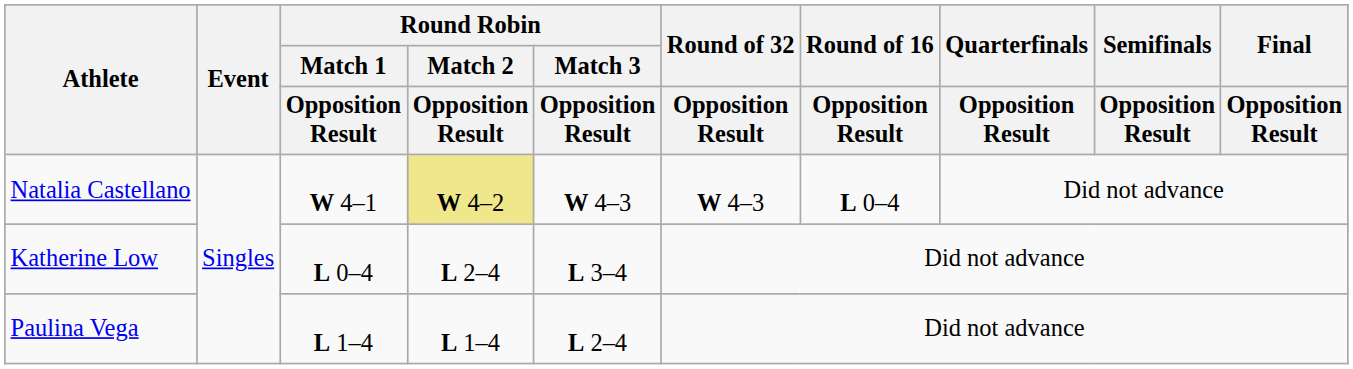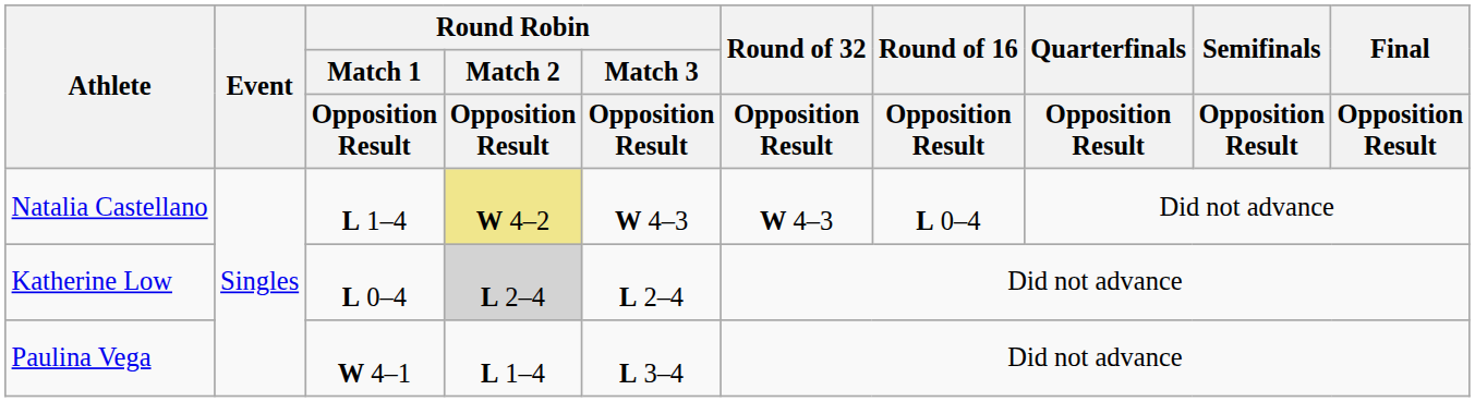 <table class="wikitable" border="1" style="font-size:90%">
 <tr>
 <th rowspan=3>Athlete</th>
 <th rowspan=3>Event</th>
 <th colspan=3>Round Robin</th>
 <th rowspan=2>Round of 32</th>
 <th rowspan=2>Round of 16</th>
 <th rowspan=2>Quarterfinals</th>
 <th rowspan=2>Semifinals</th>
 <th rowspan=2>Final</th>
 </tr>
 <tr>
 <th>Match 1</th>
 <th>Match 2</th>
 <th>Match 3</th>
 </tr>
 <tr>
 <th>Opposition<br>Result</th>
 <th>Opposition<br>Result</th>
 <th>Opposition<br>Result</th>
 <th>Opposition<br>Result</th>
 <th>Opposition<br>Result</th>
 <th>Opposition<br>Result</th>
 <th>Opposition<br>Result</th>
 <th>Opposition<br>Result</th>
 </tr>
 <tr>
 <td><a href='#'>Natalia Castellano</a></td>
 <td rowspan=3><a href='#'>Singles</a></td>
-<td align=center><br><strong>W</strong> 4–1</td>
+<td align=center><br><strong>L</strong> 1–4</td>
 <td align=center style="background: khaki;"><br><strong>W</strong> 4–2</td>
 <td align=center><br><strong>W</strong> 4–3</td>
 <td align=center><br><strong>W</strong> 4–3</td>
 <td align=center><br><strong>L</strong> 0–4</td>
 <td align=center colspan=3>Did not advance</td>
 </tr>
 <tr>
 <td><a href='#'>Katherine Low</a></td>
 <td align=center><br><strong>L</strong> 0–4</td>
+<td align=center style="background: lightgrey;"><br><strong>L</strong> 2–4</td>
 <td align=center><br><strong>L</strong> 2–4</td>
-<td align=center><br><strong>L</strong> 3–4</td>
 <td align=center colspan=5>Did not advance</td>
 </tr>
 <tr>
 <td><a href='#'>Paulina Vega</a></td>
+<td align=center><br><strong>W</strong> 4–1</td>
 <td align=center><br><strong>L</strong> 1–4</td>
-<td align=center><br><strong>L</strong> 1–4</td>
-<td align=center><br><strong>L</strong> 2–4</td>
+<td align=center><br><strong>L</strong> 3–4</td>
 <td align=center colspan=5>Did not advance</td>
 </tr>
 </table>
